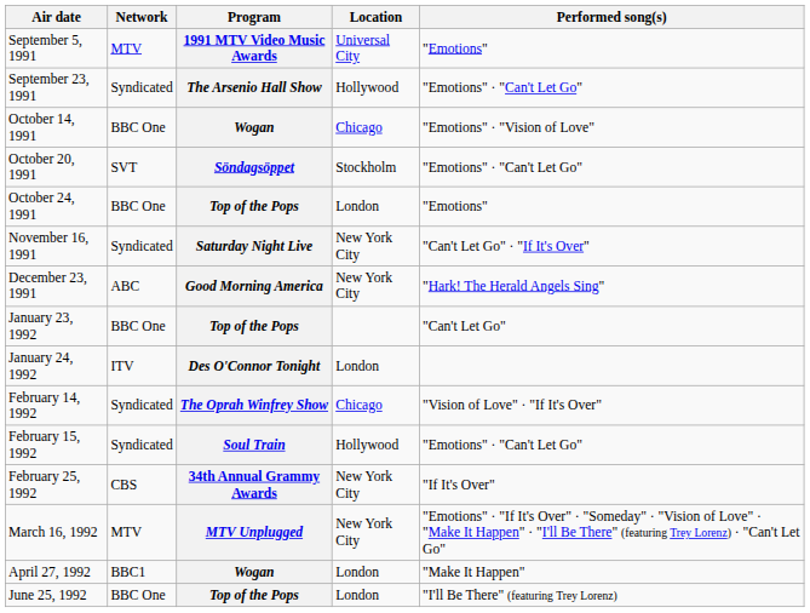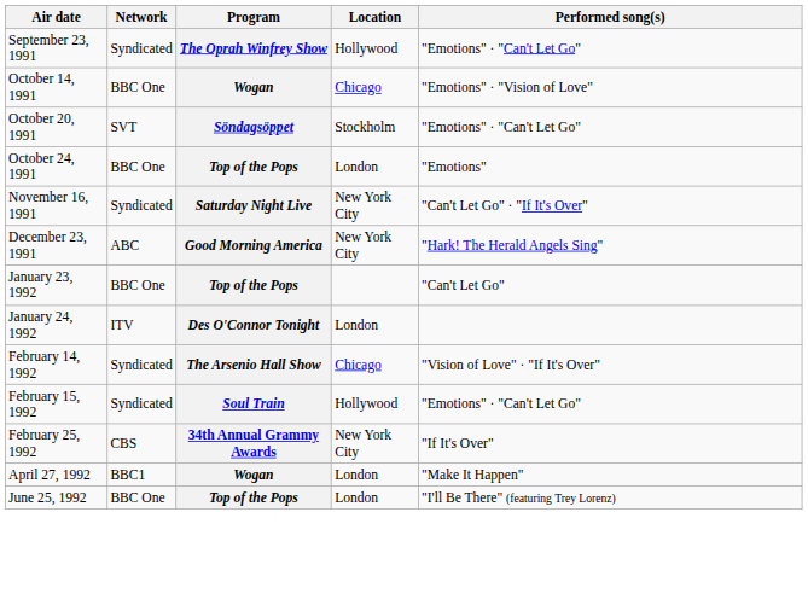 <table class="wikitable sortable plainrowheaders" style="font-size:95%;">
 <tr>
 <th style="width:13%;">Air date</th>
 <th style="width:6%;">Network</th>
 <th style="width:20%;">Program</th>
 <th style="width:11%;">Location</th>
 <th style="width:51%;">Performed song(s)</th>
 </tr>
 <tr>
-<td>September 5, 1991</td>
-<td><a href='#'>MTV</a></td>
-<th scope="row"><a href='#'>1991 MTV Video Music Awards</a></th>
-<td><a href='#'>Universal City</a></td>
-<td>"<a href='#'>Emotions</a>"</td>
-</tr>
-<tr>
 <td>September 23, 1991</td>
 <td>Syndicated</td>
-<th scope="row"><em>The Arsenio Hall Show</em></th>
+<th scope="row"><em><a href='#'>The Oprah Winfrey Show</a></em></th>
 <td>Hollywood</td>
 <td>"Emotions" · "<a href='#'>Can't Let Go</a>"</td>
 </tr>
 <tr>
 <td>October 14, 1991</td>
 <td>BBC One</td>
 <th scope="row"><em>Wogan</em></th>
 <td><a href='#'>Chicago</a></td>
 <td>"Emotions" · "Vision of Love"</td>
 </tr>
 <tr>
 <td>October 20, 1991</td>
 <td>SVT</td>
 <th scope="row"><em><a href='#'>Söndagsöppet</a></em></th>
 <td>Stockholm</td>
 <td>"Emotions" · "Can't Let Go"</td>
 </tr>
 <tr>
 <td>October 24, 1991</td>
 <td>BBC One</td>
 <th scope="row"><em>Top of the Pops</em></th>
 <td>London</td>
 <td>"Emotions"</td>
 </tr>
 <tr>
 <td>November 16, 1991</td>
 <td>Syndicated</td>
 <th scope="row"><em>Saturday Night Live</em></th>
 <td>New York City</td>
 <td>"Can't Let Go" · "<a href='#'>If It's Over</a>"</td>
 </tr>
 <tr>
 <td>December 23, 1991</td>
 <td>ABC</td>
 <th scope="row"><em>Good Morning America</em></th>
 <td>New York City</td>
 <td>"<a href='#'>Hark! The Herald Angels Sing</a>"</td>
 </tr>
 <tr>
 <td>January 23, 1992</td>
 <td>BBC One</td>
 <th scope="row"><em>Top of the Pops</em></th>
 <td></td>
 <td>"Can't Let Go"</td>
 </tr>
 <tr>
 <td>January 24, 1992</td>
 <td>ITV</td>
 <th scope="row"><em>Des O'Connor Tonight</em></th>
 <td>London</td>
 <td></td>
 </tr>
 <tr>
 <td>February 14, 1992</td>
 <td>Syndicated</td>
-<th scope="row"><em><a href='#'>The Oprah Winfrey Show</a></em></th>
+<th scope="row"><em>The Arsenio Hall Show</em></th>
 <td><a href='#'>Chicago</a></td>
 <td>"Vision of Love" · "If It's Over"</td>
 </tr>
 <tr>
 <td>February 15, 1992</td>
 <td>Syndicated</td>
 <th scope="row"><em><a href='#'>Soul Train</a></em></th>
 <td>Hollywood</td>
 <td>"Emotions" · "Can't Let Go"</td>
 </tr>
 <tr>
 <td>February 25, 1992</td>
 <td>CBS</td>
 <th scope="row"><a href='#'>34th Annual Grammy Awards</a></th>
 <td>New York City</td>
 <td>"If It's Over"</td>
 </tr>
 <tr>
-<td>March 16, 1992</td>
-<td>MTV</td>
-<th scope="row"><em><a href='#'>MTV Unplugged</a></em></th>
-<td>New York City</td>
-<td>"Emotions" · "If It's Over" · "Someday" · "Vision of Love" · "<a href='#'>Make It Happen</a>" · "<a href='#'>I'll Be There</a>" <small>(featuring <a href='#'>Trey Lorenz</a>)</small> · "Can't Let Go"</td>
-</tr>
-<tr>
 <td>April 27, 1992</td>
 <td>BBC1</td>
 <th scope="row"><em>Wogan</em></th>
 <td>London</td>
 <td>"Make It Happen"</td>
 </tr>
 <tr>
 <td>June 25, 1992</td>
 <td>BBC One</td>
 <th scope="row"><em>Top of the Pops</em></th>
 <td>London</td>
 <td>"I'll Be There" <small>(featuring Trey Lorenz)</small></td>
 </tr>
 </table>
